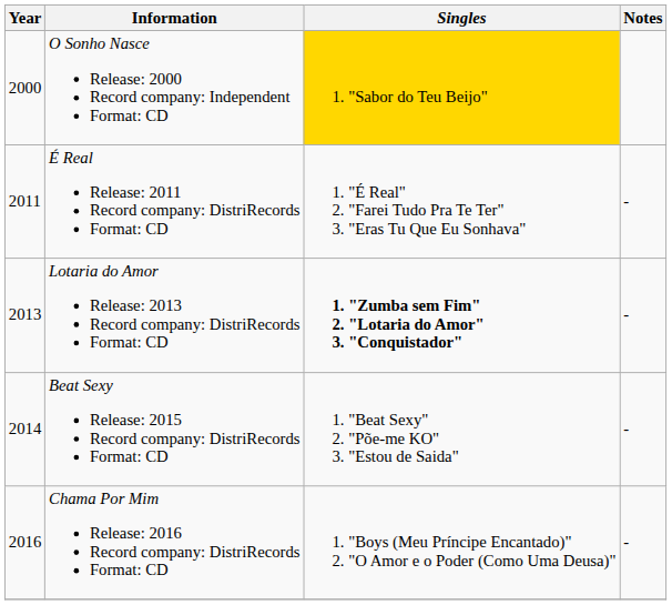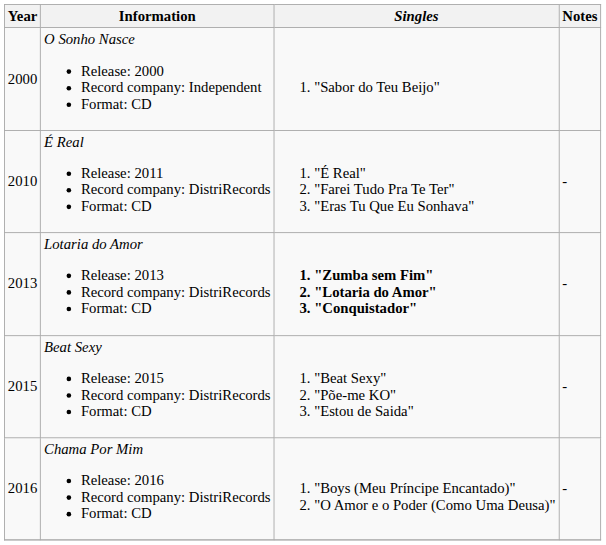 <table class="wikitable">
 <tr>
 <th>Year</th>
 <th>Information</th>
 <th style="font-style:italic;">Singles</th>
 <th>Notes</th>
 </tr>
 <tr>
 <td>2000</td>
 <td><em>O Sonho Nasce</em><br><ul><li>Release: 2000</li><li>Record company: Independent</li><li>Format: CD</li></ul></td>
-<td style="background: gold;"><br><ol><li>"Sabor do Teu Beijo"</li></ol></td>
+<td><br><ol><li>"Sabor do Teu Beijo"</li></ol></td>
 <td></td>
 </tr>
 <tr>
-<td>2011</td>
+<td>2010</td>
 <td><em>É Real</em><br><ul><li>Release: 2011</li><li>Record company: DistriRecords</li><li>Format: CD</li></ul></td>
 <td><br><ol><li>"É Real"</li><li>"Farei Tudo Pra Te Ter"</li><li>"Eras Tu Que Eu Sonhava"</li></ol></td>
 <td>-</td>
 </tr>
 <tr>
 <td>2013</td>
 <td><em>Lotaria do Amor</em><br><ul><li>Release: 2013</li><li>Record company: DistriRecords</li><li>Format: CD</li></ul></td>
 <td><strong><br><ol><li>"Zumba sem Fim"</li><li>"Lotaria do Amor"</li><li>"Conquistador"</li></ol></strong></td>
 <td>-</td>
 </tr>
 <tr>
-<td>2014</td>
+<td>2015</td>
 <td><em>Beat Sexy</em><br><ul><li>Release: 2015</li><li>Record company: DistriRecords</li><li>Format: CD</li></ul></td>
 <td><br><ol><li>"Beat Sexy"</li><li>"Põe-me KO"</li><li>"Estou de Saida"</li></ol></td>
 <td>-</td>
 </tr>
 <tr>
 <td>2016</td>
 <td><em>Chama Por Mim</em><br><ul><li>Release: 2016</li><li>Record company: DistriRecords</li><li>Format: CD</li></ul></td>
 <td><br><ol><li>"Boys (Meu Príncipe Encantado)"</li><li>"O Amor e o Poder (Como Uma Deusa)"</li></ol></td>
 <td>-</td>
 </tr>
 <tr>
 </tr>
 </table>
